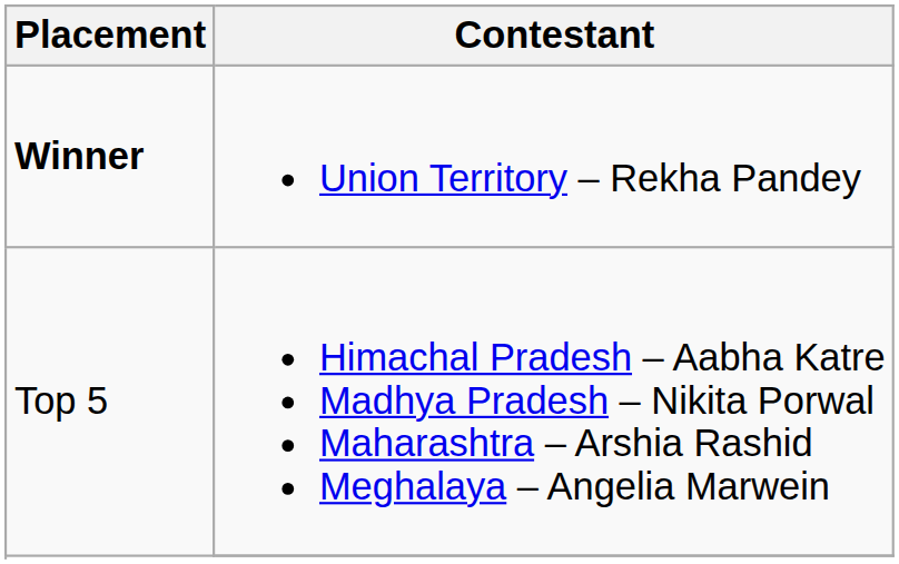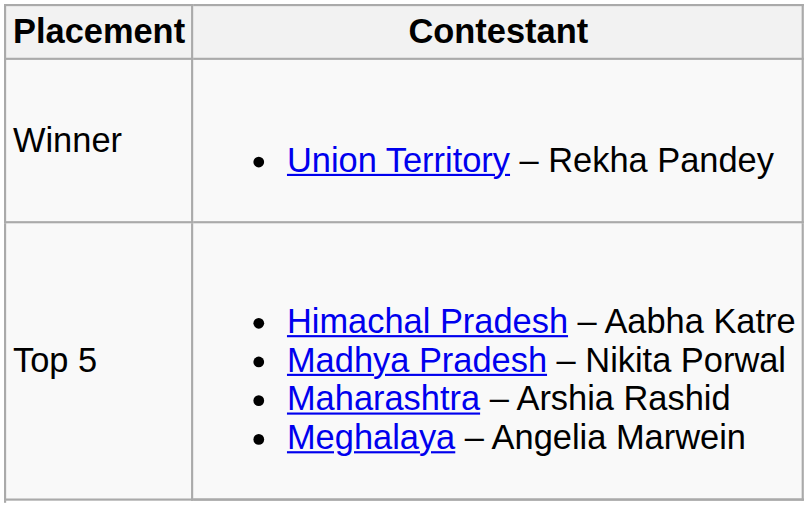 <table class="wikitable">
 <tr>
 <th>Placement</th>
 <th>Contestant</th>
 </tr>
 <tr>
-<td><strong>Winner</strong></td>
+<td>Winner</td>
 <td><br><ul><li><a href='#'>Union Territory</a> – Rekha Pandey</li></ul></td>
 </tr>
 <tr>
 <td rowspan=5>Top 5</td>
 <td><br><ul><li><a href='#'>Himachal Pradesh</a> – Aabha Katre</li><li><a href='#'>Madhya Pradesh</a> – Nikita Porwal</li><li><a href='#'>Maharashtra</a> – Arshia Rashid</li><li><a href='#'>Meghalaya</a> – Angelia Marwein</li></ul></td>
 </tr>
 <tr>
 </tr>
 </table>
